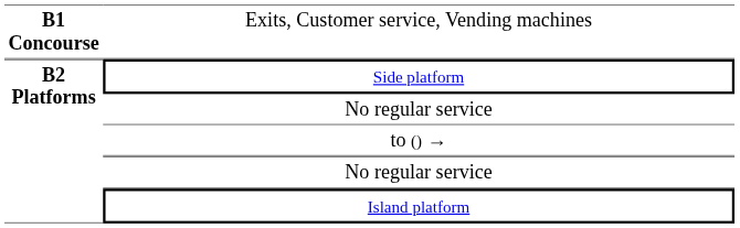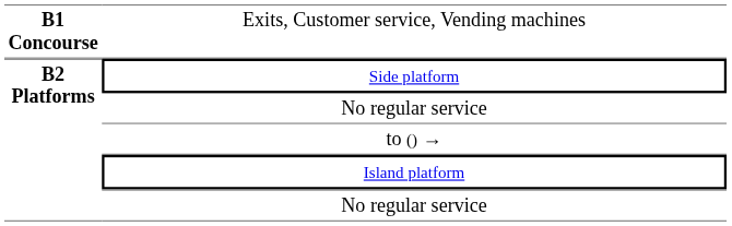 <table table border=0 cellspacing=0 cellpadding=3>
 <tr>
 <td style="border-bottom:solid 1px gray; border-top:solid 1px gray;text-align:center" valign=top><strong>B1<br>Concourse</strong></td>
 <td style="border-bottom:solid 1px gray; border-top:solid 1px gray;text-align:center" valign=top width=500>Exits, Customer service, Vending machines</td>
 </tr>
 <tr>
 <td style="border-bottom:solid 1px gray; border-top:solid 1px gray;text-align:center" rowspan="5" valign=top width=50><strong>B2<br>Platforms</strong></td>
 <td style="border-right:solid 2px black;border-left:solid 2px black;border-top:solid 2px black;border-bottom:solid 2px black;text-align:center;"><small><a href='#'>Side platform</a></small></td>
 </tr>
 <tr>
 <td style="border-bottom:solid 1px gray;text-align:center;">No regular service</td>
 </tr>
 <tr>
 <td style="border-bottom:solid 1px gray;text-align:center;"> to  <small>()</small> →</td>
 </tr>
 <tr>
+<td style="border-right:solid 2px black;border-left:solid 2px black;border-top:solid 2px black;border-bottom:solid 2px black;text-align:center;"><small><a href='#'>Island platform</a></small></td>
+</tr>
+<tr>
 <td style="border-bottom:solid 1px gray; border-top:solid 1px gray;text-align:center">No regular service</td>
 </tr>
-<tr>
-<td style="border-right:solid 2px black;border-left:solid 2px black;border-top:solid 2px black;border-bottom:solid 2px black;text-align:center;"><small><a href='#'>Island platform</a></small></td>
-</tr>
 </table>
